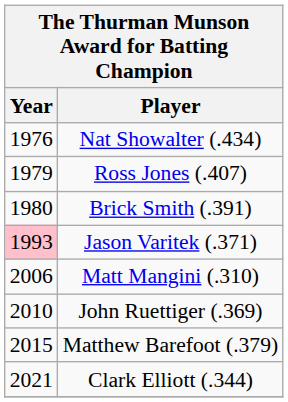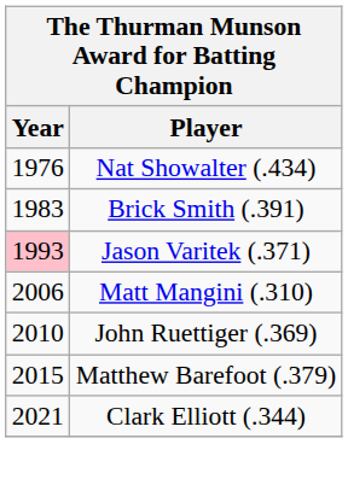 <table class="wikitable" style="display: inline-table; margin-right: 20px; text-align:center">
 <tr>
 <th scope="col" colspan="2" style="width: 145px;">The Thurman Munson Award for Batting Champion</th>
 </tr>
 <tr>
 <th scope="col">Year</th>
 <th scope="col">Player</th>
 </tr>
 <tr>
 <td>1976</td>
 <td><a href='#'>Nat Showalter</a> (.434)</td>
 </tr>
 <tr>
-<td>1979</td>
-<td><a href='#'>Ross Jones</a> (.407)</td>
-</tr>
-<tr>
-<td>1980</td>
+<td>1983</td>
 <td><a href='#'>Brick Smith</a> (.391)</td>
 </tr>
 <tr>
 <td style="background: pink;">1993</td>
 <td><a href='#'>Jason Varitek</a> (.371)</td>
 </tr>
 <tr>
 <td>2006</td>
 <td><a href='#'>Matt Mangini</a> (.310)</td>
 </tr>
 <tr>
 <td>2010</td>
 <td>John Ruettiger (.369)</td>
 </tr>
 <tr>
 <td>2015</td>
 <td>Matthew Barefoot (.379)</td>
 </tr>
 <tr>
 <td>2021</td>
 <td>Clark Elliott (.344)</td>
 </tr>
 <tr>
 </tr>
 </table>
